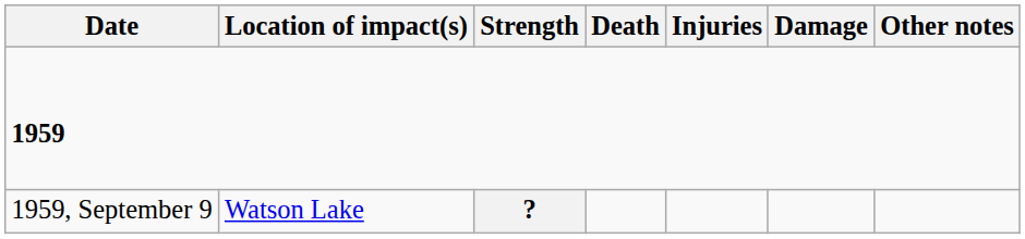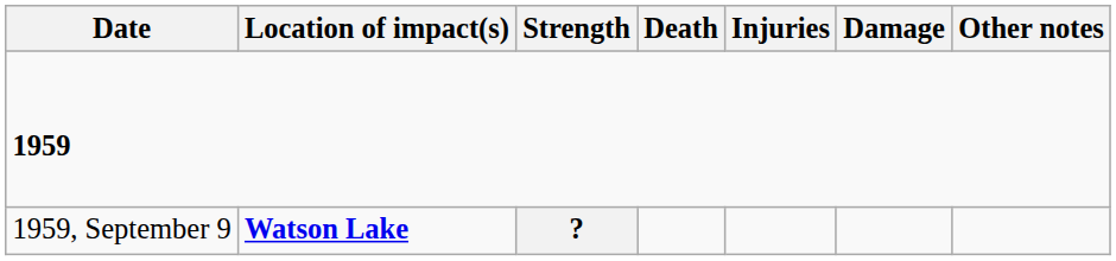 <table class="wikitable mw-collapsible">
 <tr>
 <th>Date</th>
 <th>Location of impact(s)</th>
 <th>Strength</th>
 <th>Death</th>
 <th>Injuries</th>
 <th>Damage</th>
 <th>Other notes</th>
 </tr>
 <tr>
 <td colspan="7"><br><h4>1959</h4></td>
 </tr>
 <tr>
 <td>1959, September 9</td>
-<td><a href='#'>Watson Lake</a></td>
+<td><strong><a href='#'>Watson Lake</a></strong></td>
 <th>?</th>
 <td></td>
 <td></td>
 <td></td>
 <td></td>
 </tr>
 </table>
